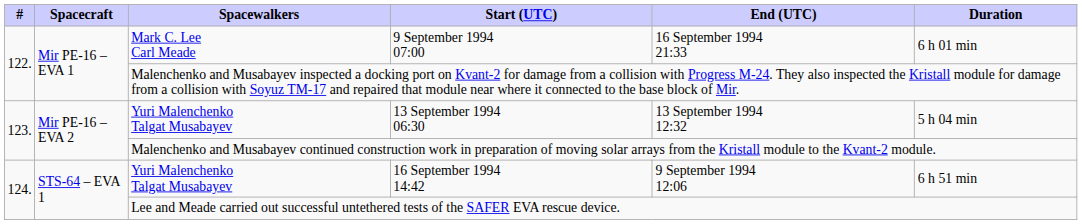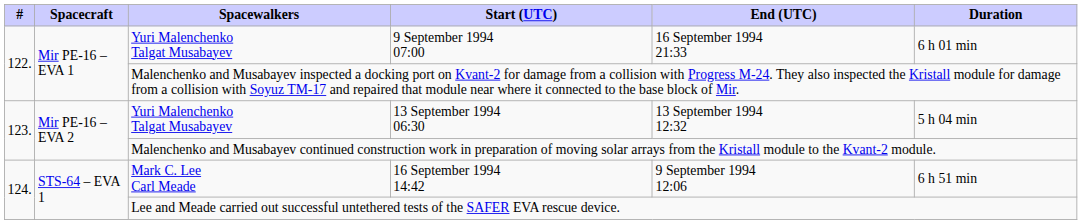 <table class="wikitable">
 <tr>
 <th style="background:#ccf;">#</th>
 <th style="background:#ccf;">Spacecraft</th>
 <th style="background:#ccf;">Spacewalkers</th>
 <th style="background:#ccf;">Start (<a href='#'>UTC</a>)</th>
 <th style="background:#ccf;">End (UTC)</th>
 <th style="background:#ccf;">Duration</th>
 </tr>
 <tr>
 <td rowspan=2>122.</td>
 <td rowspan=2><a href='#'>Mir</a> PE-16 – EVA 1</td>
-<td> <a href='#'>Mark C. Lee</a><br> <a href='#'>Carl Meade</a></td>
+<td> <a href='#'>Yuri Malenchenko</a><br> <a href='#'>Talgat Musabayev</a></td>
 <td>9 September 1994<br>07:00</td>
 <td>16 September 1994<br>21:33</td>
 <td>6 h 01 min</td>
 </tr>
 <tr>
 <td colspan=4>Malenchenko and Musabayev inspected a docking port on <a href='#'>Kvant-2</a> for damage from a collision with <a href='#'>Progress M-24</a>. They also inspected the <a href='#'>Kristall</a> module for damage from a collision with <a href='#'>Soyuz TM-17</a> and repaired that module near where it connected to the base block of <a href='#'>Mir</a>.</td>
 </tr>
 <tr>
 <td rowspan=2>123.</td>
 <td rowspan=2><a href='#'>Mir</a> PE-16 – EVA 2</td>
 <td> <a href='#'>Yuri Malenchenko</a><br> <a href='#'>Talgat Musabayev</a></td>
 <td>13 September 1994<br>06:30</td>
 <td>13 September 1994<br>12:32</td>
 <td>5 h 04 min</td>
 </tr>
 <tr>
 <td colspan=4>Malenchenko and Musabayev continued construction work in preparation of moving solar arrays from the <a href='#'>Kristall</a> module to the <a href='#'>Kvant-2</a> module.</td>
 </tr>
 <tr>
 <td rowspan=2>124.</td>
 <td rowspan=2><a href='#'>STS-64</a> – EVA 1</td>
-<td> <a href='#'>Yuri Malenchenko</a><br> <a href='#'>Talgat Musabayev</a></td>
+<td> <a href='#'>Mark C. Lee</a><br> <a href='#'>Carl Meade</a></td>
 <td>16 September 1994<br>14:42</td>
 <td>9 September 1994<br>12:06</td>
 <td>6 h 51 min</td>
 </tr>
 <tr>
 <td colspan=4>Lee and Meade carried out successful untethered tests of the <a href='#'>SAFER</a> EVA rescue device.</td>
 </tr>
 </table>
